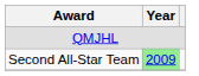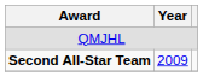 <table class="wikitable">
 <tr>
 <th>Award</th>
 <th>Year</th>
 <th></th>
 </tr>
 <tr ALIGN="center" bgcolor="#e0e0e0">
 <td colspan="3"><a href='#'>QMJHL</a></td>
 </tr>
 <tr>
-<td>Second All-Star Team</td>
-<td style="background: lightgreen;"><a href='#'>2009</a></td>
+<td><strong>Second All-Star Team</strong></td>
+<td><a href='#'>2009</a></td>
 <td></td>
 </tr>
 <tr>
 </tr>
 </table>
